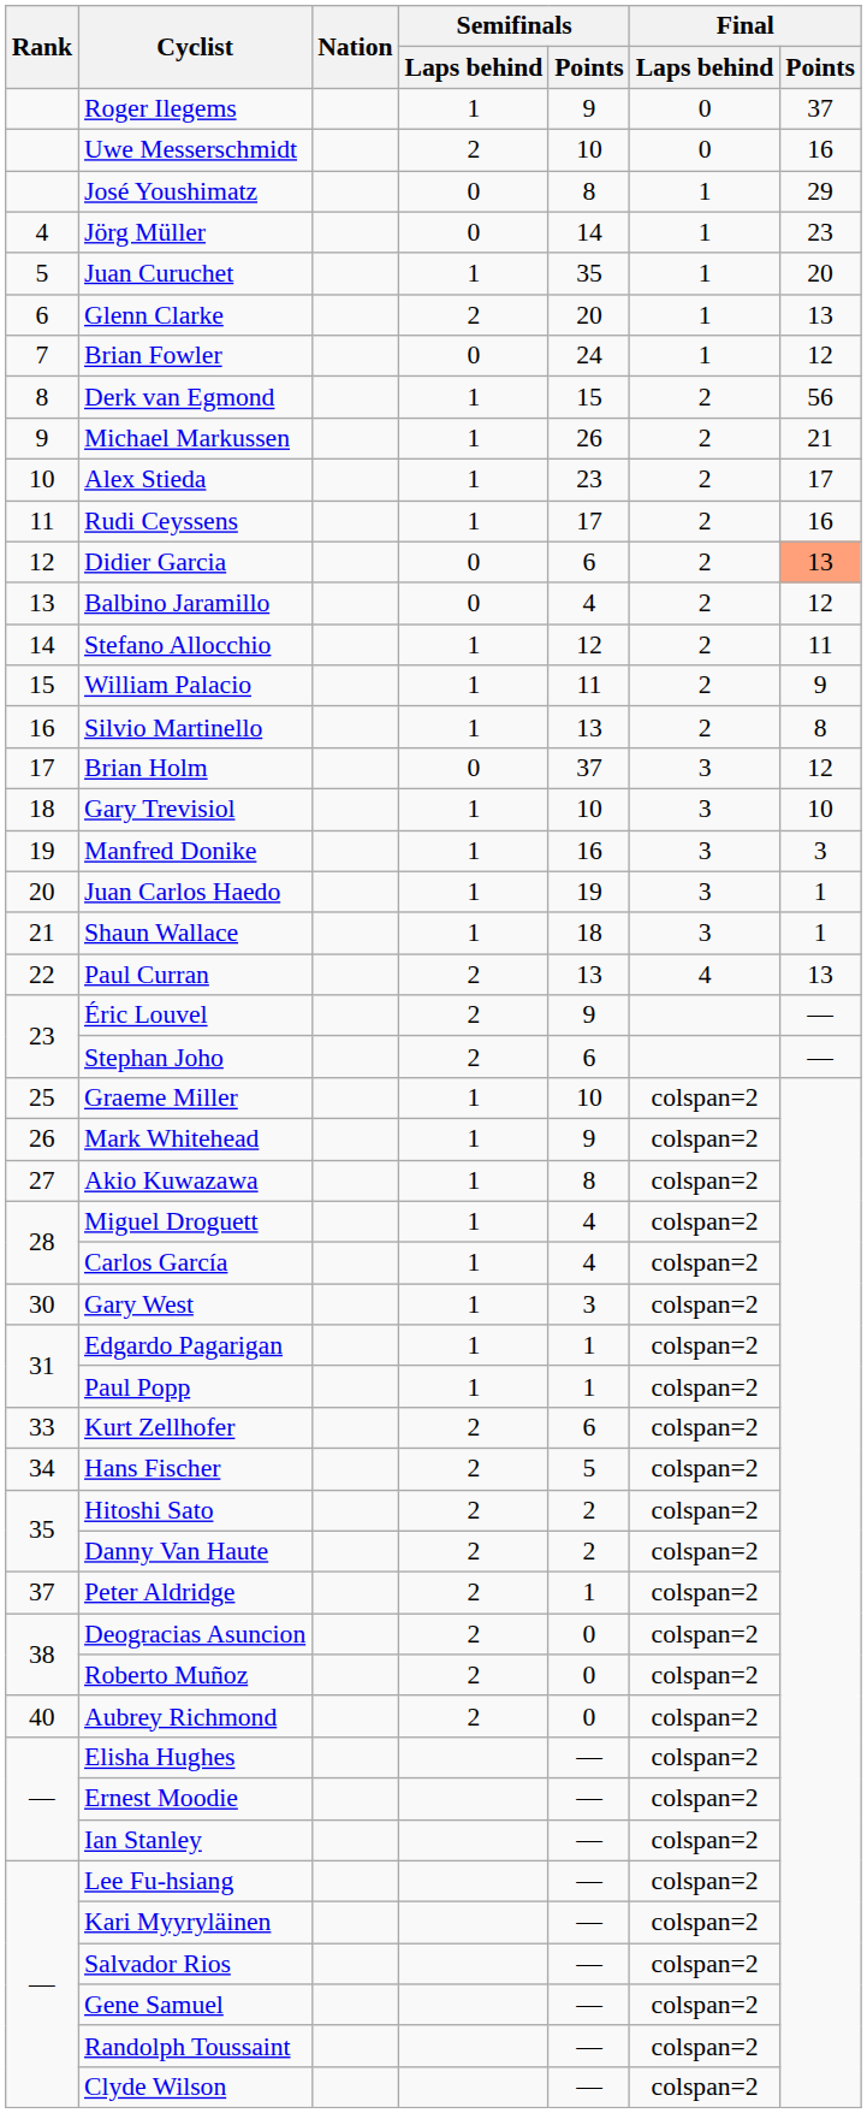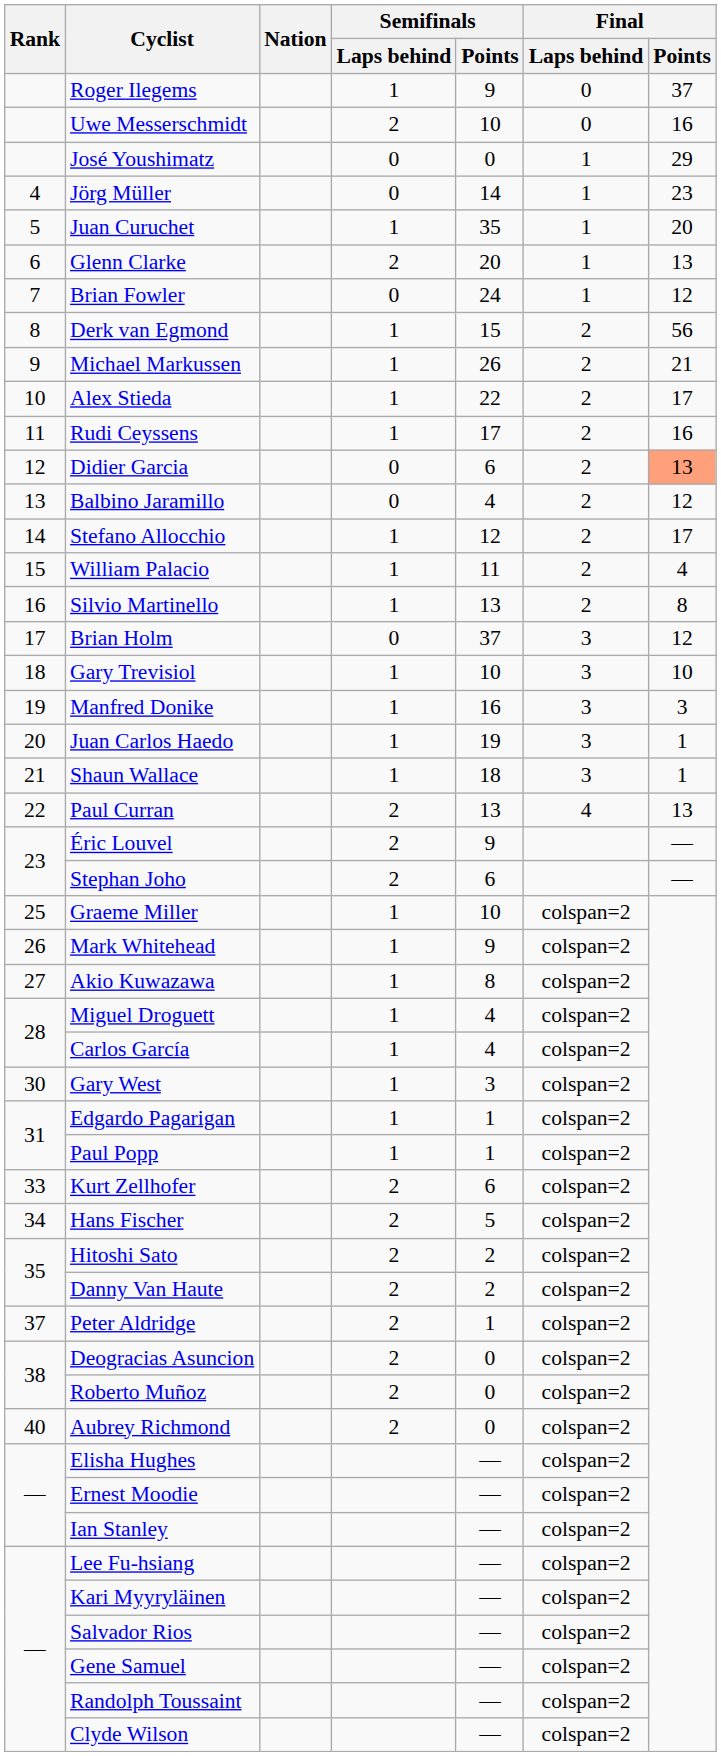 <table class="wikitable sortable" style="text-align:center">
 <tr>
 <th rowspan=2>Rank</th>
 <th rowspan=2>Cyclist</th>
 <th rowspan=2>Nation</th>
 <th colspan=2>Semifinals</th>
 <th colspan=2>Final</th>
 </tr>
 <tr>
 <th>Laps behind</th>
 <th>Points</th>
 <th>Laps behind</th>
 <th>Points</th>
 </tr>
 <tr>
 <td></td>
 <td align=left><a href='#'>Roger Ilegems</a></td>
 <td align=left></td>
 <td>1</td>
 <td>9</td>
 <td>0</td>
 <td>37</td>
 </tr>
 <tr>
 <td></td>
 <td align=left><a href='#'>Uwe Messerschmidt</a></td>
 <td align=left></td>
 <td>2</td>
 <td>10</td>
 <td>0</td>
 <td>16</td>
 </tr>
 <tr>
 <td></td>
 <td align=left><a href='#'>José Youshimatz</a></td>
 <td align=left></td>
 <td>0</td>
-<td>8</td>
+<td>0</td>
 <td>1</td>
 <td>29</td>
 </tr>
 <tr>
 <td>4</td>
 <td align=left><a href='#'>Jörg Müller</a></td>
 <td align=left></td>
 <td>0</td>
 <td>14</td>
 <td>1</td>
 <td>23</td>
 </tr>
 <tr>
 <td>5</td>
 <td align=left><a href='#'>Juan Curuchet</a></td>
 <td align=left></td>
 <td>1</td>
 <td>35</td>
 <td>1</td>
 <td>20</td>
 </tr>
 <tr>
 <td>6</td>
 <td align=left><a href='#'>Glenn Clarke</a></td>
 <td align=left></td>
 <td>2</td>
 <td>20</td>
 <td>1</td>
 <td>13</td>
 </tr>
 <tr>
 <td>7</td>
 <td align=left><a href='#'>Brian Fowler</a></td>
 <td align=left></td>
 <td>0</td>
 <td>24</td>
 <td>1</td>
 <td>12</td>
 </tr>
 <tr>
 <td>8</td>
 <td align=left><a href='#'>Derk van Egmond</a></td>
 <td align=left></td>
 <td>1</td>
 <td>15</td>
 <td>2</td>
 <td>56</td>
 </tr>
 <tr>
 <td>9</td>
 <td align=left><a href='#'>Michael Markussen</a></td>
 <td align=left></td>
 <td>1</td>
 <td>26</td>
 <td>2</td>
 <td>21</td>
 </tr>
 <tr>
 <td>10</td>
 <td align=left><a href='#'>Alex Stieda</a></td>
 <td align=left></td>
 <td>1</td>
-<td>23</td>
+<td>22</td>
 <td>2</td>
 <td>17</td>
 </tr>
 <tr>
 <td>11</td>
 <td align=left><a href='#'>Rudi Ceyssens</a></td>
 <td align=left></td>
 <td>1</td>
 <td>17</td>
 <td>2</td>
 <td>16</td>
 </tr>
 <tr>
 <td>12</td>
 <td align=left><a href='#'>Didier Garcia</a></td>
 <td align=left></td>
 <td>0</td>
 <td>6</td>
 <td>2</td>
 <td style="background: lightsalmon;">13</td>
 </tr>
 <tr>
 <td>13</td>
 <td align=left><a href='#'>Balbino Jaramillo</a></td>
 <td align=left></td>
 <td>0</td>
 <td>4</td>
 <td>2</td>
 <td>12</td>
 </tr>
 <tr>
 <td>14</td>
 <td align=left><a href='#'>Stefano Allocchio</a></td>
 <td align=left></td>
 <td>1</td>
 <td>12</td>
 <td>2</td>
-<td>11</td>
+<td>17</td>
 </tr>
 <tr>
 <td>15</td>
 <td align=left><a href='#'>William Palacio</a></td>
 <td align=left></td>
 <td>1</td>
 <td>11</td>
 <td>2</td>
-<td>9</td>
+<td>4</td>
 </tr>
 <tr>
 <td>16</td>
 <td align=left><a href='#'>Silvio Martinello</a></td>
 <td align=left></td>
 <td>1</td>
 <td>13</td>
 <td>2</td>
 <td>8</td>
 </tr>
 <tr>
 <td>17</td>
 <td align=left><a href='#'>Brian Holm</a></td>
 <td align=left></td>
 <td>0</td>
 <td>37</td>
 <td>3</td>
 <td>12</td>
 </tr>
 <tr>
 <td>18</td>
 <td align=left><a href='#'>Gary Trevisiol</a></td>
 <td align=left></td>
 <td>1</td>
 <td>10</td>
 <td>3</td>
 <td>10</td>
 </tr>
 <tr>
 <td>19</td>
 <td align=left><a href='#'>Manfred Donike</a></td>
 <td align=left></td>
 <td>1</td>
 <td>16</td>
 <td>3</td>
 <td>3</td>
 </tr>
 <tr>
 <td>20</td>
 <td align=left><a href='#'>Juan Carlos Haedo</a></td>
 <td align=left></td>
 <td>1</td>
 <td>19</td>
 <td>3</td>
 <td>1</td>
 </tr>
 <tr>
 <td>21</td>
 <td align=left><a href='#'>Shaun Wallace</a></td>
 <td align=left></td>
 <td>1</td>
 <td>18</td>
 <td>3</td>
 <td>1</td>
 </tr>
 <tr>
 <td>22</td>
 <td align=left><a href='#'>Paul Curran</a></td>
 <td align=left></td>
 <td>2</td>
 <td>13</td>
 <td>4</td>
 <td>13</td>
 </tr>
 <tr>
 <td rowspan=2>23</td>
 <td align=left><a href='#'>Éric Louvel</a></td>
 <td align=left></td>
 <td>2</td>
 <td>9</td>
 <td data-sort-value=9></td>
 <td data-sort-value=0>—</td>
 </tr>
 <tr>
 <td align=left><a href='#'>Stephan Joho</a></td>
 <td align=left></td>
 <td>2</td>
 <td>6</td>
 <td data-sort-value=9></td>
 <td data-sort-value=0>—</td>
 </tr>
 <tr>
 <td>25</td>
 <td align=left><a href='#'>Graeme Miller</a></td>
 <td align=left></td>
 <td>1</td>
 <td>10</td>
 <td>colspan=2 </td>
 </tr>
 <tr>
 <td>26</td>
 <td align=left><a href='#'>Mark Whitehead</a></td>
 <td align=left></td>
 <td>1</td>
 <td>9</td>
 <td>colspan=2 </td>
 </tr>
 <tr>
 <td>27</td>
 <td align=left><a href='#'>Akio Kuwazawa</a></td>
 <td align=left></td>
 <td>1</td>
 <td>8</td>
 <td>colspan=2 </td>
 </tr>
 <tr>
 <td rowspan=2>28</td>
 <td align=left><a href='#'>Miguel Droguett</a></td>
 <td align=left></td>
 <td>1</td>
 <td>4</td>
 <td>colspan=2 </td>
 </tr>
 <tr>
 <td align=left><a href='#'>Carlos García</a></td>
 <td align=left></td>
 <td>1</td>
 <td>4</td>
 <td>colspan=2 </td>
 </tr>
 <tr>
 <td>30</td>
 <td align=left><a href='#'>Gary West</a></td>
 <td align=left></td>
 <td>1</td>
 <td>3</td>
 <td>colspan=2 </td>
 </tr>
 <tr>
 <td rowspan=2>31</td>
 <td align=left><a href='#'>Edgardo Pagarigan</a></td>
 <td align=left></td>
 <td>1</td>
 <td>1</td>
 <td>colspan=2 </td>
 </tr>
 <tr>
 <td align=left><a href='#'>Paul Popp</a></td>
 <td align=left></td>
 <td>1</td>
 <td>1</td>
 <td>colspan=2 </td>
 </tr>
 <tr>
 <td>33</td>
 <td align=left><a href='#'>Kurt Zellhofer</a></td>
 <td align=left></td>
 <td>2</td>
 <td>6</td>
 <td>colspan=2 </td>
 </tr>
 <tr>
 <td>34</td>
 <td align=left><a href='#'>Hans Fischer</a></td>
 <td align=left></td>
 <td>2</td>
 <td>5</td>
 <td>colspan=2 </td>
 </tr>
 <tr>
 <td rowspan=2>35</td>
 <td align=left><a href='#'>Hitoshi Sato</a></td>
 <td align=left></td>
 <td>2</td>
 <td>2</td>
 <td>colspan=2 </td>
 </tr>
 <tr>
 <td align=left><a href='#'>Danny Van Haute</a></td>
 <td align=left></td>
 <td>2</td>
 <td>2</td>
 <td>colspan=2 </td>
 </tr>
 <tr>
 <td>37</td>
 <td align=left><a href='#'>Peter Aldridge</a></td>
 <td align=left></td>
 <td>2</td>
 <td>1</td>
 <td>colspan=2 </td>
 </tr>
 <tr>
 <td rowspan=2>38</td>
 <td align=left><a href='#'>Deogracias Asuncion</a></td>
 <td align=left></td>
 <td>2</td>
 <td>0</td>
 <td>colspan=2 </td>
 </tr>
 <tr>
 <td align=left><a href='#'>Roberto Muñoz</a></td>
 <td align=left></td>
 <td>2</td>
 <td>0</td>
 <td>colspan=2 </td>
 </tr>
 <tr>
 <td>40</td>
 <td align=left><a href='#'>Aubrey Richmond</a></td>
 <td align=left></td>
 <td>2</td>
 <td>0</td>
 <td>colspan=2 </td>
 </tr>
 <tr>
 <td rowspan=3 data-sort-value=41>—</td>
 <td align=left><a href='#'>Elisha Hughes</a></td>
 <td align=left></td>
 <td data-sort-value=9></td>
 <td data-sort-value=0>—</td>
 <td>colspan=2 </td>
 </tr>
 <tr>
 <td align=left><a href='#'>Ernest Moodie</a></td>
 <td align=left></td>
 <td data-sort-value=9></td>
 <td data-sort-value=0>—</td>
 <td>colspan=2 </td>
 </tr>
 <tr>
 <td align=left><a href='#'>Ian Stanley</a></td>
 <td align=left></td>
 <td data-sort-value=9></td>
 <td data-sort-value=0>—</td>
 <td>colspan=2 </td>
 </tr>
 <tr>
 <td rowspan=6 data-sort-value=44>—</td>
 <td align=left><a href='#'>Lee Fu-hsiang</a></td>
 <td align=left></td>
 <td data-sort-value=10></td>
 <td data-sort-value=0>—</td>
 <td>colspan=2 </td>
 </tr>
 <tr>
 <td align=left><a href='#'>Kari Myyryläinen</a></td>
 <td align=left></td>
 <td data-sort-value=10></td>
 <td data-sort-value=0>—</td>
 <td>colspan=2 </td>
 </tr>
 <tr>
 <td align=left><a href='#'>Salvador Rios</a></td>
 <td align=left></td>
 <td data-sort-value=10></td>
 <td data-sort-value=0>—</td>
 <td>colspan=2 </td>
 </tr>
 <tr>
 <td align=left><a href='#'>Gene Samuel</a></td>
 <td align=left></td>
 <td data-sort-value=10></td>
 <td data-sort-value=0>—</td>
 <td>colspan=2 </td>
 </tr>
 <tr>
 <td align=left><a href='#'>Randolph Toussaint</a></td>
 <td align=left></td>
 <td data-sort-value=10></td>
 <td data-sort-value=0>—</td>
 <td>colspan=2 </td>
 </tr>
 <tr>
 <td align=left><a href='#'>Clyde Wilson</a></td>
 <td align=left></td>
 <td data-sort-value=10></td>
 <td data-sort-value=0>—</td>
 <td>colspan=2 </td>
 </tr>
 </table>
